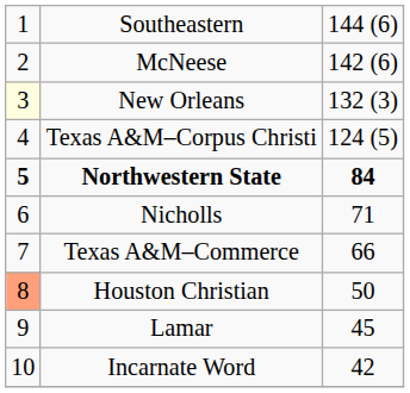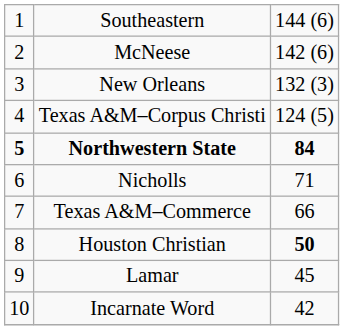 <table class="wikitable">
 <tr align="center">
 <td>1</td>
 <td>Southeastern</td>
 <td>144 (6)</td>
 </tr>
 <tr align="center">
 <td>2</td>
 <td>McNeese</td>
 <td>142 (6)</td>
 </tr>
 <tr align="center">
-<td style="background: lightyellow;">3</td>
+<td>3</td>
 <td>New Orleans</td>
 <td>132 (3)</td>
 </tr>
 <tr align="center">
 <td>4</td>
 <td>Texas A&M–Corpus Christi</td>
 <td>124 (5)</td>
 </tr>
 <tr align="center">
 <td><strong>5</strong></td>
 <td><strong>Northwestern State</strong></td>
 <td><strong>84</strong></td>
 </tr>
 <tr align="center">
 <td>6</td>
 <td>Nicholls</td>
 <td>71</td>
 </tr>
 <tr align="center">
 <td>7</td>
 <td>Texas A&M–Commerce</td>
 <td>66</td>
 </tr>
 <tr align="center">
-<td style="background: lightsalmon;">8</td>
+<td>8</td>
 <td>Houston Christian</td>
-<td>50</td>
+<td><strong>50</strong></td>
 </tr>
 <tr align="center">
 <td>9</td>
 <td>Lamar</td>
 <td>45</td>
 </tr>
 <tr align="center">
 <td>10</td>
 <td>Incarnate Word</td>
 <td>42</td>
 </tr>
 <tr align="center">
 </tr>
 </table>
